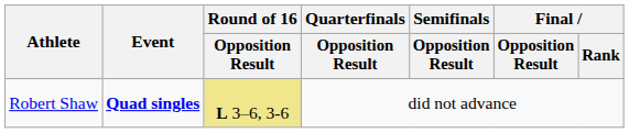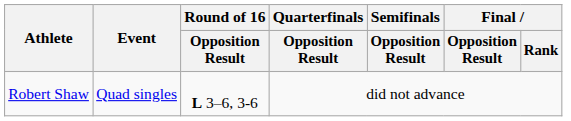 <table class="wikitable" style="font-size:90%;">
 <tr>
 <th rowspan=2>Athlete</th>
 <th rowspan=2>Event</th>
 <th>Round of 16</th>
 <th>Quarterfinals</th>
 <th>Semifinals</th>
 <th colspan=2>Final / </th>
 </tr>
 <tr style="font-size:95%">
 <th>Opposition<br>Result</th>
 <th>Opposition<br>Result</th>
 <th>Opposition<br>Result</th>
 <th>Opposition<br>Result</th>
 <th>Rank</th>
 </tr>
 <tr align=center>
 <td align=left><a href='#'>Robert Shaw</a></td>
-<td align=left><strong><a href='#'>Quad singles</a></strong></td>
-<td style="background: khaki;"><br><strong>L</strong> 3–6, 3-6</td>
+<td align=left><a href='#'>Quad singles</a></td>
+<td><br><strong>L</strong> 3–6, 3-6</td>
 <td colspan="4">did not advance</td>
 </tr>
 </table>
